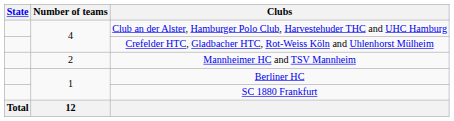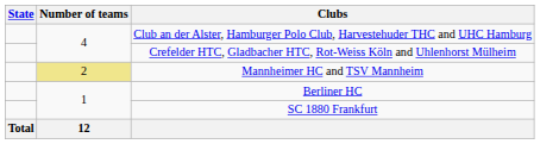 <table class="wikitable">
 <tr>
 <th><a href='#'>State</a></th>
 <th>Number of teams</th>
 <th>Clubs</th>
 </tr>
 <tr>
 <td></td>
 <td align=center rowspan=2>4</td>
 <td align=center><a href='#'>Club an der Alster</a>, <a href='#'>Hamburger Polo Club</a>, <a href='#'>Harvestehuder THC</a> and <a href='#'>UHC Hamburg</a></td>
 </tr>
 <tr>
 <td></td>
 <td align=center><a href='#'>Crefelder HTC</a>, <a href='#'>Gladbacher HTC</a>, <a href='#'>Rot-Weiss Köln</a> and <a href='#'>Uhlenhorst Mülheim</a></td>
 </tr>
 <tr>
 <td></td>
-<td align=center>2</td>
+<td align=center style="background: khaki;">2</td>
 <td align=center><a href='#'>Mannheimer HC</a> and <a href='#'>TSV Mannheim</a></td>
 </tr>
 <tr>
 <td></td>
 <td align=center rowspan=2>1</td>
 <td align=center><a href='#'>Berliner HC</a></td>
 </tr>
 <tr>
 <td></td>
 <td align=center><a href='#'>SC 1880 Frankfurt</a></td>
 </tr>
 <tr>
 <th>Total</th>
 <th>12</th>
 <th></th>
 </tr>
 </table>
